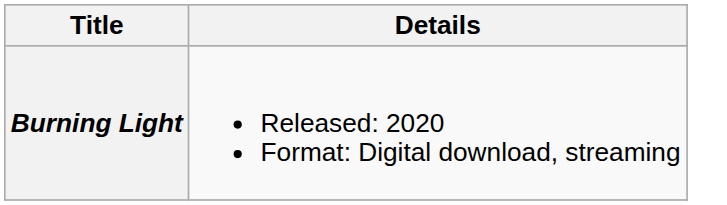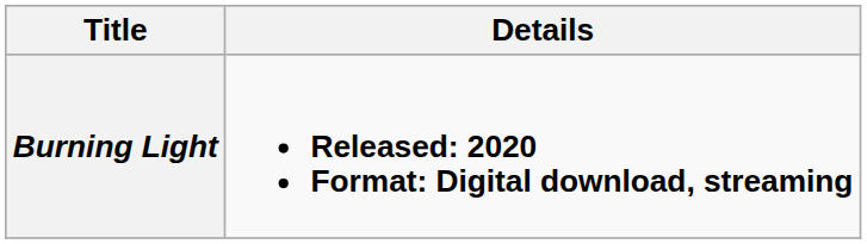 <table class="wikitable plainrowheaders" style="text-align:center;">
 <tr>
 <th scope="col">Title</th>
 <th scope="col">Details</th>
 </tr>
 <tr>
 <th scope="row"><em>Burning Light</em></th>
-<td style="text-align:left;"><br><ul><li>Released: 2020</li><li>Format: Digital download, streaming</li></ul></td>
+<td style="text-align:left;"><strong><br><ul><li>Released: 2020</li><li>Format: Digital download, streaming</li></ul></strong></td>
 </tr>
 </table>
